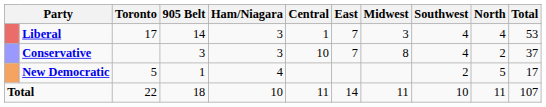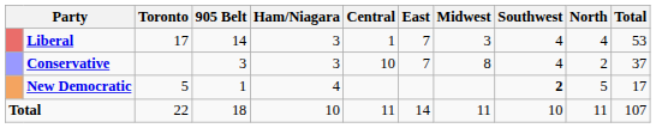 <table class="wikitable">
 <tr>
 <th colspan="2">Party</th>
 <th>Toronto</th>
 <th>905 Belt</th>
 <th>Ham/Niagara</th>
 <th>Central</th>
 <th>East</th>
 <th>Midwest</th>
 <th>Southwest</th>
 <th>North</th>
 <th>Total</th>
 </tr>
 <tr align = "right">
 <td bgcolor="#EA6D6A">   </td>
 <td align="left"><strong><a href='#'>Liberal</a></strong></td>
 <td>17</td>
 <td>14</td>
 <td>3</td>
 <td>1</td>
 <td>7</td>
 <td>3</td>
 <td>4</td>
 <td>4</td>
 <td>53</td>
 </tr>
 <tr align = "right">
 <td bgcolor="#9999FF">   </td>
 <td align="left"><strong><a href='#'>Conservative</a></strong></td>
 <td></td>
 <td>3</td>
 <td>3</td>
 <td>10</td>
 <td>7</td>
 <td>8</td>
 <td>4</td>
 <td>2</td>
 <td>37</td>
 </tr>
 <tr align = "right">
 <td bgcolor="sandybrown">   </td>
 <td align="left"><strong><a href='#'>New Democratic</a></strong></td>
 <td>5</td>
 <td>1</td>
 <td>4</td>
 <td></td>
 <td></td>
 <td></td>
-<td>2</td>
+<td><strong>2</strong></td>
 <td>5</td>
 <td>17</td>
 </tr>
 <tr align = "right">
 <td colspan=2 align="left"><strong>Total</strong></td>
 <td>22</td>
 <td>18</td>
 <td>10</td>
 <td>11</td>
 <td>14</td>
 <td>11</td>
 <td>10</td>
 <td>11</td>
 <td>107</td>
 </tr>
 </table>
